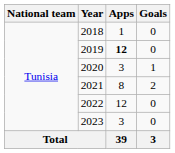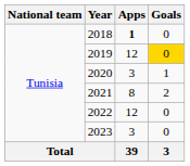 <table class="wikitable" style="text-align:center">
 <tr>
 <th>National team</th>
 <th>Year</th>
 <th>Apps</th>
 <th>Goals</th>
 </tr>
 <tr>
 <td rowspan="6"><a href='#'>Tunisia</a></td>
 <td>2018</td>
-<td>1</td>
+<td><strong>1</strong></td>
 <td>0</td>
 </tr>
 <tr>
 <td>2019</td>
-<td><strong>12</strong></td>
-<td>0</td>
+<td>12</td>
+<td style="background: gold;">0</td>
 </tr>
 <tr>
 <td>2020</td>
 <td>3</td>
 <td>1</td>
 </tr>
 <tr>
 <td>2021</td>
 <td>8</td>
 <td>2</td>
 </tr>
 <tr>
 <td>2022</td>
 <td>12</td>
 <td>0</td>
 </tr>
 <tr>
 <td>2023</td>
 <td>3</td>
 <td>0</td>
 </tr>
 <tr>
 <th colspan="2">Total</th>
 <th>39</th>
 <th>3</th>
 </tr>
 </table>
